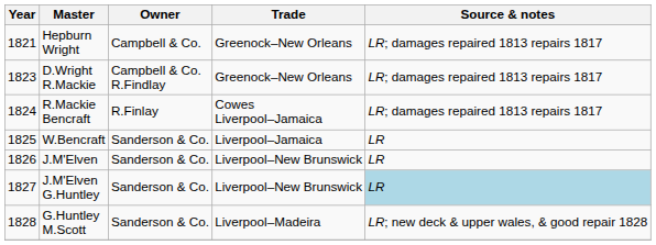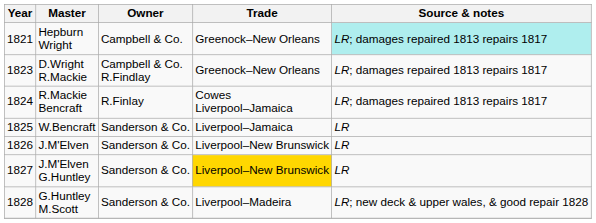 <table class=" wikitable">
 <tr>
 <th>Year</th>
 <th>Master</th>
 <th>Owner</th>
 <th>Trade</th>
 <th>Source & notes</th>
 </tr>
 <tr>
 <td>1821</td>
 <td>Hepburn<br>Wright</td>
 <td>Campbell & Co.</td>
 <td>Greenock–New Orleans</td>
-<td><em>LR</em>; damages repaired 1813 repairs 1817</td>
+<td style="background: paleturquoise;"><em>LR</em>; damages repaired 1813 repairs 1817</td>
 </tr>
 <tr>
 <td>1823</td>
 <td>D.Wright<br>R.Mackie</td>
 <td>Campbell & Co.<br>R.Findlay</td>
 <td>Greenock–New Orleans</td>
 <td><em>LR</em>; damages repaired 1813 repairs 1817</td>
 </tr>
 <tr>
 <td>1824</td>
 <td>R.Mackie<br>Bencraft</td>
 <td>R.Finlay</td>
 <td>Cowes<br>Liverpool–Jamaica</td>
 <td><em>LR</em>; damages repaired 1813 repairs 1817</td>
 </tr>
 <tr>
 <td>1825</td>
 <td>W.Bencraft</td>
 <td>Sanderson & Co.</td>
 <td>Liverpool–Jamaica</td>
 <td><em>LR</em></td>
 </tr>
 <tr>
 <td>1826</td>
 <td>J.M'Elven</td>
 <td>Sanderson & Co.</td>
 <td>Liverpool–New Brunswick</td>
 <td><em>LR</em></td>
 </tr>
 <tr>
 <td>1827</td>
 <td>J.M'Elven<br>G.Huntley</td>
 <td>Sanderson & Co.</td>
-<td>Liverpool–New Brunswick</td>
-<td style="background: lightblue;"><em>LR</em></td>
+<td style="background: gold;">Liverpool–New Brunswick</td>
+<td><em>LR</em></td>
 </tr>
 <tr>
 <td>1828</td>
 <td>G.Huntley<br>M.Scott</td>
 <td>Sanderson & Co.</td>
 <td>Liverpool–Madeira</td>
 <td><em>LR</em>; new deck & upper wales, & good repair 1828</td>
 </tr>
 <tr>
 </tr>
 </table>
